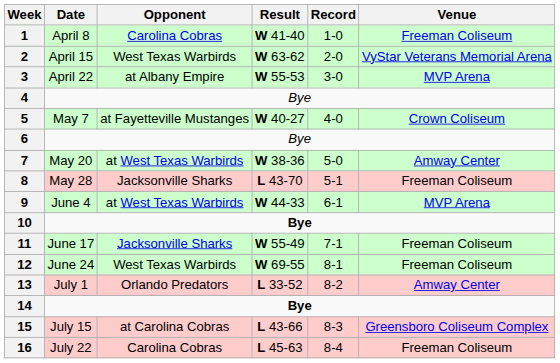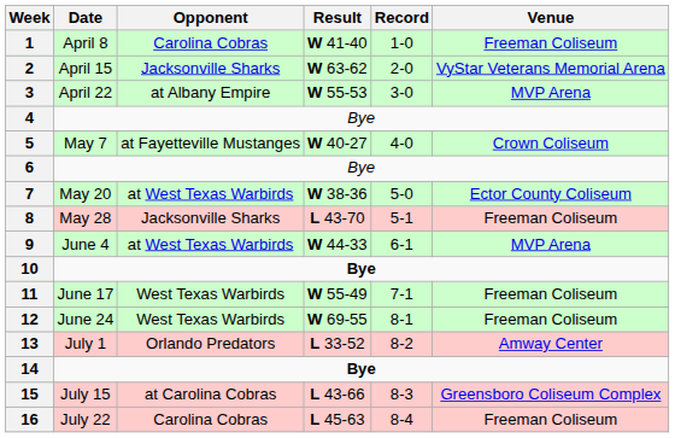 <table class="wikitable" style="text-align:center">
 <tr>
 <th>Week</th>
 <th>Date</th>
 <th>Opponent</th>
 <th>Result</th>
 <th>Record</th>
 <th>Venue</th>
 </tr>
 <tr style="background:#cfc">
 <th>1</th>
 <td>April 8</td>
 <td><a href='#'>Carolina Cobras</a></td>
 <td><strong>W</strong> 41-40</td>
 <td>1-0</td>
 <td><a href='#'>Freeman Coliseum</a></td>
 </tr>
 <tr style="background:#cfc">
 <th>2</th>
 <td>April 15</td>
-<td>West Texas Warbirds</td>
+<td><a href='#'>Jacksonville Sharks</a></td>
 <td><strong>W</strong> 63-62</td>
 <td>2-0</td>
 <td><a href='#'>VyStar Veterans Memorial Arena</a></td>
 </tr>
 <tr style="background:#cfc">
 <th>3</th>
 <td>April 22</td>
 <td>at Albany Empire</td>
 <td><strong>W</strong> 55-53</td>
 <td>3-0</td>
 <td><a href='#'>MVP Arena</a></td>
 </tr>
 <tr>
 <th>4</th>
 <td colspan="5"><em>Bye</em></td>
 </tr>
 <tr style="background:#cfc">
 <th>5</th>
 <td>May 7</td>
 <td>at Fayetteville Mustanges</td>
 <td><strong>W</strong> 40-27</td>
 <td>4-0</td>
 <td><a href='#'>Crown Coliseum</a></td>
 </tr>
 <tr>
 <th>6</th>
 <td colspan="5"><em>Bye</em></td>
 </tr>
 <tr style="background:#cfc">
 <th>7</th>
 <td>May 20</td>
 <td>at <a href='#'>West Texas Warbirds</a></td>
 <td><strong>W</strong> 38-36</td>
 <td>5-0</td>
-<td><a href='#'>Amway Center</a></td>
+<td><a href='#'>Ector County Coliseum</a></td>
 </tr>
 <tr style="background:#fcc">
 <th>8</th>
 <td>May 28</td>
 <td>Jacksonville Sharks</td>
 <td><strong>L</strong> 43-70</td>
 <td>5-1</td>
 <td>Freeman Coliseum</td>
 </tr>
 <tr style="background:#cfc">
 <th>9</th>
 <td>June 4</td>
 <td>at <a href='#'>West Texas Warbirds</a></td>
 <td><strong>W</strong> 44-33</td>
 <td>6-1</td>
 <td><a href='#'>MVP Arena</a></td>
 </tr>
 <tr>
 <th>10</th>
 <td colspan="5"><strong>Bye</strong></td>
 </tr>
 <tr style="background:#cfc">
 <th>11</th>
 <td>June 17</td>
-<td><a href='#'>Jacksonville Sharks</a></td>
+<td>West Texas Warbirds</td>
 <td><strong>W</strong> 55-49</td>
 <td>7-1</td>
 <td>Freeman Coliseum</td>
 </tr>
 <tr style="background:#cfc">
 <th>12</th>
 <td>June 24</td>
 <td>West Texas Warbirds</td>
 <td><strong>W</strong> 69-55</td>
 <td>8-1</td>
 <td>Freeman Coliseum</td>
 </tr>
 <tr style="background:#fcc">
 <th>13</th>
 <td>July 1</td>
 <td at Orlando Predators (NAL)>Orlando Predators</td>
 <td><strong>L</strong> 33-52</td>
 <td>8-2</td>
 <td><a href='#'>Amway Center</a></td>
 </tr>
 <tr>
 <th>14</th>
 <td colspan="5"><strong>Bye</strong></td>
 </tr>
 <tr style="background:#fcc">
 <th>15</th>
 <td>July 15</td>
 <td>at Carolina Cobras</td>
 <td><strong>L</strong> 43-66</td>
 <td>8-3</td>
 <td><a href='#'>Greensboro Coliseum Complex</a></td>
 </tr>
 <tr style="background:#fcc">
 <th>16</th>
 <td>July 22</td>
 <td>Carolina Cobras</td>
 <td><strong>L</strong> 45-63</td>
 <td>8-4</td>
 <td>Freeman Coliseum</td>
 </tr>
 </table>
